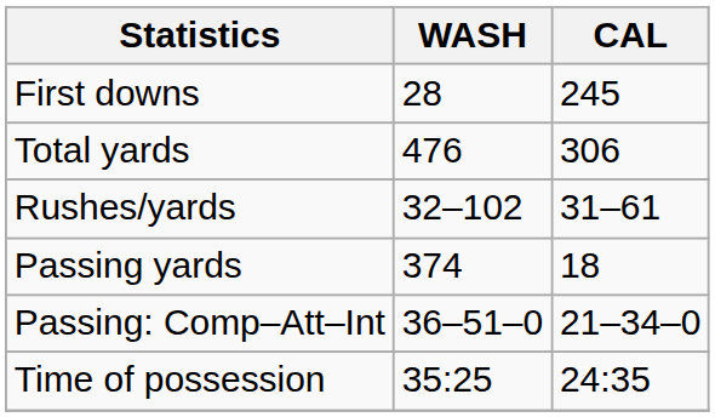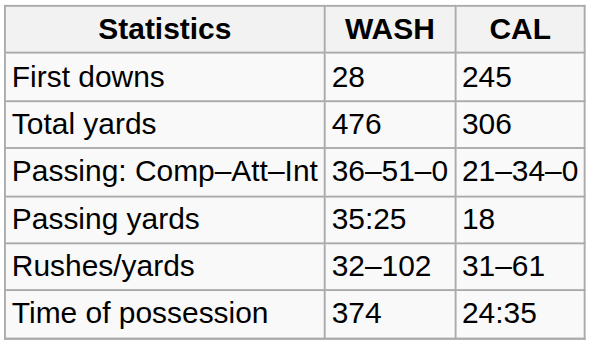 <table class="wikitable" style="float: left;">
 <tr>
 <th>Statistics</th>
 <th>WASH</th>
 <th>CAL</th>
 </tr>
 <tr>
 <td>First downs</td>
 <td>28</td>
 <td>245</td>
 </tr>
 <tr>
 <td>Total yards</td>
 <td>476</td>
 <td>306</td>
 </tr>
 <tr>
+<td>Passing: Comp–Att–Int</td>
+<td>36–51–0</td>
+<td>21–34–0</td>
+</tr>
+<tr>
+<td>Passing yards</td>
+<td>35:25</td>
+<td>18</td>
+</tr>
+<tr>
 <td>Rushes/yards</td>
 <td>32–102</td>
 <td>31–61</td>
 </tr>
 <tr>
-<td>Passing yards</td>
+<td>Time of possession</td>
 <td>374</td>
-<td>18</td>
-</tr>
-<tr>
-<td>Passing: Comp–Att–Int</td>
-<td>36–51–0</td>
-<td>21–34–0</td>
-</tr>
-<tr>
-<td>Time of possession</td>
-<td>35:25</td>
 <td>24:35</td>
 </tr>
 <tr>
 </tr>
 </table>
